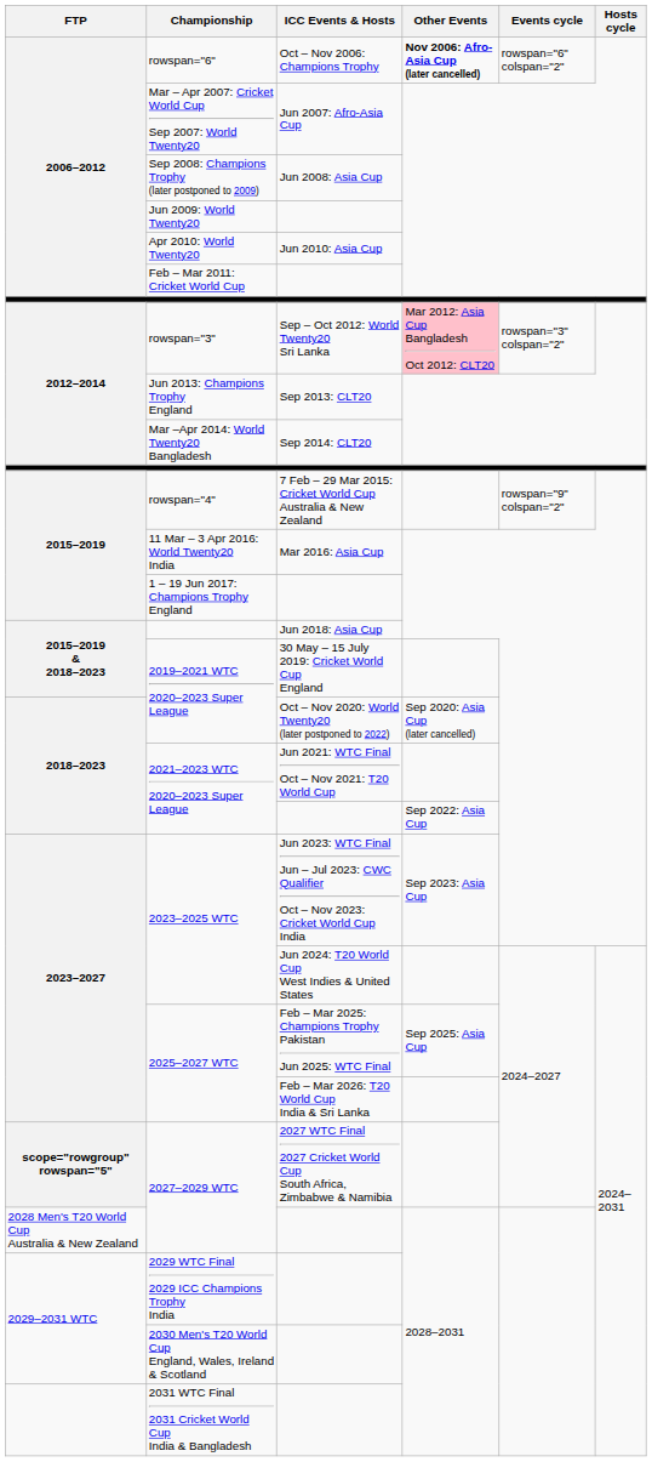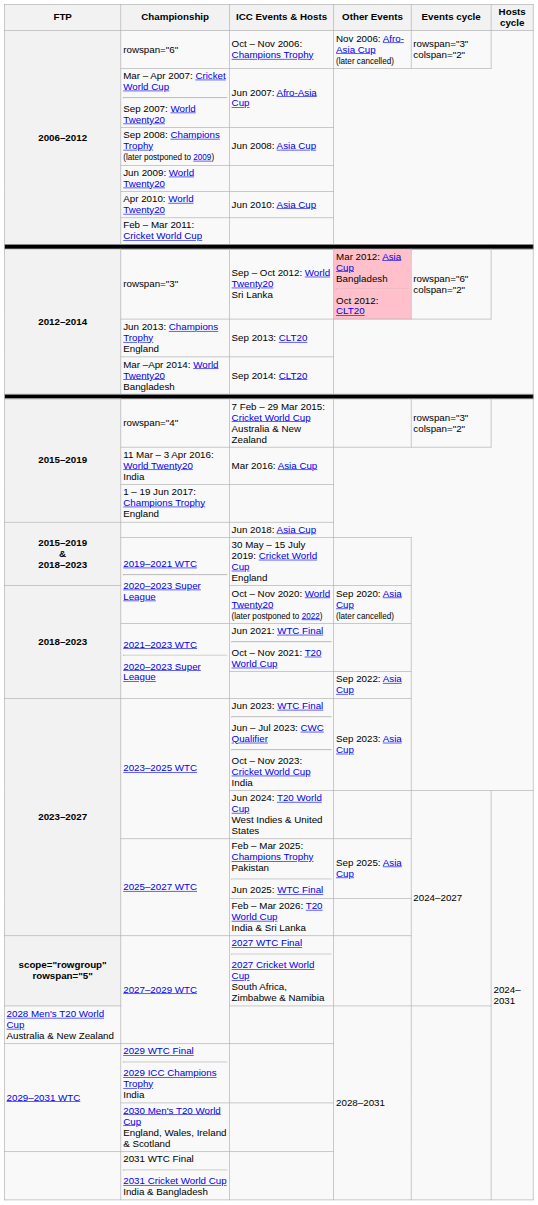 <table class="wikitable sortable">
 <tr>
 <th scope="col">FTP</th>
 <th scope="col">Championship</th>
 <th scope="col">ICC Events & Hosts</th>
 <th scope="col">Other Events</th>
 <th scope="col">Events cycle</th>
 <th scope="col">Hosts cycle</th>
 </tr>
 <tr>
 <th scope="rowgroup" rowspan="6">2006–2012</th>
 <td>rowspan="6" </td>
 <td>Oct – Nov 2006: <a href='#'>Champions Trophy</a></td>
-<td><strong>Nov 2006: <a href='#'>Afro-Asia Cup</a><br><small>(later cancelled)</small></strong></td>
-<td>rowspan="6" colspan="2" </td>
+<td>Nov 2006: <a href='#'>Afro-Asia Cup</a><br><small>(later cancelled)</small></td>
+<td>rowspan="3" colspan="2" </td>
 </tr>
 <tr>
 <td>Mar – Apr 2007: <a href='#'>Cricket World Cup</a><hr>Sep 2007: <a href='#'>World Twenty20</a></td>
 <td>Jun 2007: <a href='#'>Afro-Asia Cup</a></td>
 </tr>
 <tr>
 <td>Sep 2008: <a href='#'>Champions Trophy</a><br><small>(later postponed to <a href='#'>2009</a>)</small></td>
 <td>Jun 2008: <a href='#'>Asia Cup</a></td>
 </tr>
 <tr>
 <td>Jun 2009: <a href='#'>World Twenty20</a></td>
 <td></td>
 </tr>
 <tr>
 <td>Apr 2010: <a href='#'>World Twenty20</a></td>
 <td>Jun 2010: <a href='#'>Asia Cup</a></td>
 </tr>
 <tr>
 <td>Feb – Mar 2011: <a href='#'>Cricket World Cup</a></td>
 <td></td>
 </tr>
 <tr>
 <td colspan="6" style="background:black;"></td>
 </tr>
 <tr>
 <th scope="rowgroup" rowspan="3">2012–2014</th>
 <td>rowspan="3" </td>
 <td>Sep – Oct 2012: <a href='#'>World Twenty20</a><br>Sri Lanka</td>
 <td style="background: pink;">Mar 2012: <a href='#'>Asia Cup</a><br>Bangladesh<hr>Oct 2012: <a href='#'>CLT20</a></td>
-<td>rowspan="3" colspan="2" </td>
+<td>rowspan="6" colspan="2" </td>
 </tr>
 <tr>
 <td>Jun 2013: <a href='#'>Champions Trophy</a><br>England</td>
 <td>Sep 2013: <a href='#'>CLT20</a></td>
 </tr>
 <tr>
 <td>Mar –Apr 2014: <a href='#'>World Twenty20</a><br>Bangladesh</td>
 <td>Sep 2014: <a href='#'>CLT20</a></td>
 </tr>
 <tr>
 <td colspan="6" style="background:black;"></td>
 </tr>
 <tr>
 <th scope="rowgroup" rowspan="3">2015–2019</th>
 <td>rowspan="4" </td>
 <td>7 Feb – 29 Mar 2015: <a href='#'>Cricket World Cup</a><br>Australia & New Zealand</td>
 <td></td>
-<td>rowspan="9" colspan="2" </td>
+<td>rowspan="3" colspan="2" </td>
 </tr>
 <tr>
 <td>11 Mar – 3 Apr 2016: <a href='#'>World Twenty20</a><br>India</td>
 <td>Mar 2016: <a href='#'>Asia Cup</a></td>
 </tr>
 <tr>
 <td>1 – 19 Jun 2017: <a href='#'>Champions Trophy</a><br>England</td>
 <td></td>
 </tr>
 <tr>
 <th scope="rowgroup" rowspan="2">2015–2019<br>&<br>2018–2023</th>
 <td></td>
 <td>Jun 2018: <a href='#'>Asia Cup</a></td>
 </tr>
 <tr>
 <td rowspan="2"><a href='#'>2019–2021 WTC</a><hr><a href='#'>2020–2023 Super League</a></td>
 <td>30 May – 15 July 2019: <a href='#'>Cricket World Cup</a><br>England</td>
 <td></td>
 </tr>
 <tr>
 <th scope="rowgroup" rowspan="3">2018–2023</th>
 <td>Oct – Nov 2020: <a href='#'>World Twenty20</a><br><small>(later postponed to <a href='#'>2022</a>)</small></td>
 <td>Sep 2020: <a href='#'>Asia Cup</a><br><small>(later cancelled)</small></td>
 </tr>
 <tr>
 <td rowspan="2"><a href='#'>2021–2023 WTC</a><hr><a href='#'>2020–2023 Super League</a></td>
 <td>Jun 2021: <a href='#'>WTC Final</a><hr>Oct – Nov 2021: <a href='#'>T20 World Cup</a></td>
 <td></td>
 </tr>
 <tr>
 <td></td>
 <td>Sep 2022: <a href='#'>Asia Cup</a></td>
 </tr>
 <tr>
 <th scope="rowgroup" rowspan="4">2023–2027</th>
 <td rowspan="2"><a href='#'>2023–2025 WTC</a></td>
 <td>Jun 2023: <a href='#'>WTC Final</a><hr>Jun – Jul 2023: <a href='#'>CWC Qualifier</a><hr>Oct – Nov 2023: <a href='#'>Cricket World Cup</a><br>India</td>
 <td>Sep 2023: <a href='#'>Asia Cup</a></td>
 </tr>
 <tr>
 <td>Jun 2024: <a href='#'>T20 World Cup</a><br>West Indies & United States</td>
 <td></td>
 <td rowspan="4">2024–2027</td>
 <td rowspan="8">2024–2031</td>
 </tr>
 <tr>
 <td rowspan="2"><a href='#'>2025–2027 WTC</a></td>
 <td>Feb – Mar 2025: <a href='#'>Champions Trophy</a><br>Pakistan<hr>Jun 2025: <a href='#'>WTC Final</a></td>
 <td>Sep 2025: <a href='#'>Asia Cup</a></td>
 </tr>
 <tr>
 <td>Feb – Mar 2026: <a href='#'>T20 World Cup</a><br>India & Sri Lanka</td>
 <td></td>
 </tr>
 <tr>
 <th>scope="rowgroup" rowspan="5" </th>
 <td rowspan="2"><a href='#'>2027–2029 WTC</a></td>
 <td><a href='#'>2027 WTC Final</a><hr><a href='#'>2027 Cricket World Cup</a><br>South Africa, Zimbabwe & Namibia</td>
 <td></td>
 </tr>
 <tr>
 <td><a href='#'>2028 Men's T20 World Cup</a><br>Australia & New Zealand</td>
 <td></td>
 <td rowspan="4">2028–2031</td>
 </tr>
 <tr>
 <td rowspan="2"><a href='#'>2029–2031 WTC</a></td>
 <td><a href='#'>2029 WTC Final</a><hr><a href='#'>2029 ICC Champions Trophy</a><br>India</td>
 <td></td>
 </tr>
 <tr>
 <td><a href='#'>2030 Men's T20 World Cup</a><br>England, Wales, Ireland & Scotland</td>
 <td></td>
 </tr>
 <tr>
 <td></td>
 <td>2031 WTC Final<hr><a href='#'>2031 Cricket World Cup</a><br>India & Bangladesh</td>
 <td></td>
 </tr>
 </table>
